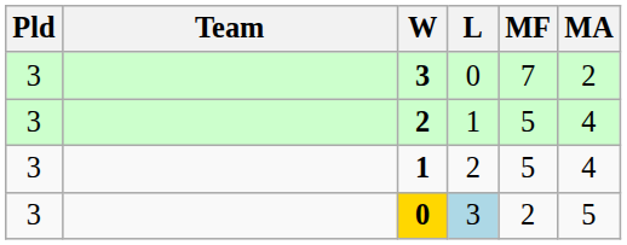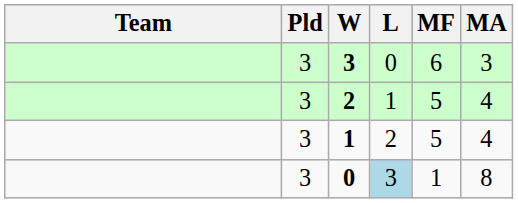 <table class=wikitable style="text-align:center">
 <tr>
+<th width=175>Team</th>
 <th width=20>Pld</th>
-<th width=175>Team</th>
 <th width=20>W</th>
 <th width=20>L</th>
 <th width=20>MF</th>
 <th width=20>MA</th>
 </tr>
 <tr bgcolor=ccffcc>
+<td style="text-align:left"></td>
 <td>3</td>
-<td style="text-align:left"></td>
 <td><strong>3</strong></td>
 <td>0</td>
-<td>7</td>
-<td>2</td>
+<td>6</td>
+<td>3</td>
 </tr>
 <tr bgcolor=ccffcc>
+<td style="text-align:left"></td>
 <td>3</td>
-<td style="text-align:left"></td>
 <td><strong>2</strong></td>
 <td>1</td>
 <td>5</td>
 <td>4</td>
 </tr>
 <tr>
+<td style="text-align:left"></td>
 <td>3</td>
-<td style="text-align:left"></td>
 <td><strong>1</strong></td>
 <td>2</td>
 <td>5</td>
 <td>4</td>
 </tr>
 <tr>
+<td style="text-align:left"></td>
 <td>3</td>
-<td style="text-align:left"></td>
-<td style="background: gold;"><strong>0</strong></td>
+<td><strong>0</strong></td>
 <td style="background: lightblue;">3</td>
-<td>2</td>
-<td>5</td>
+<td>1</td>
+<td>8</td>
 </tr>
 </table>
